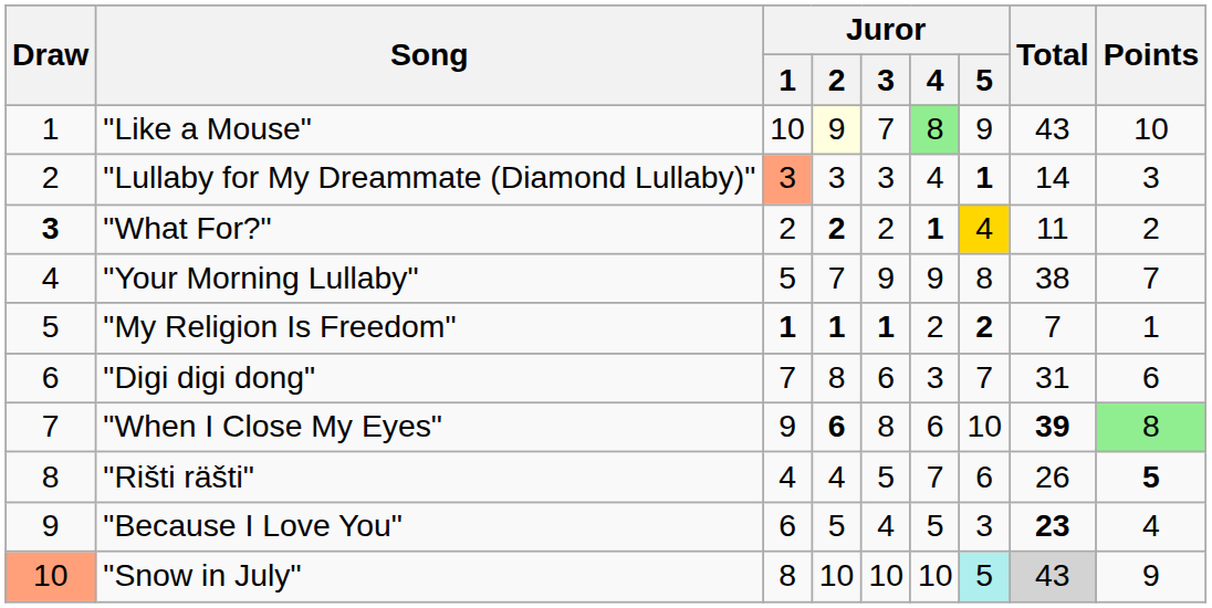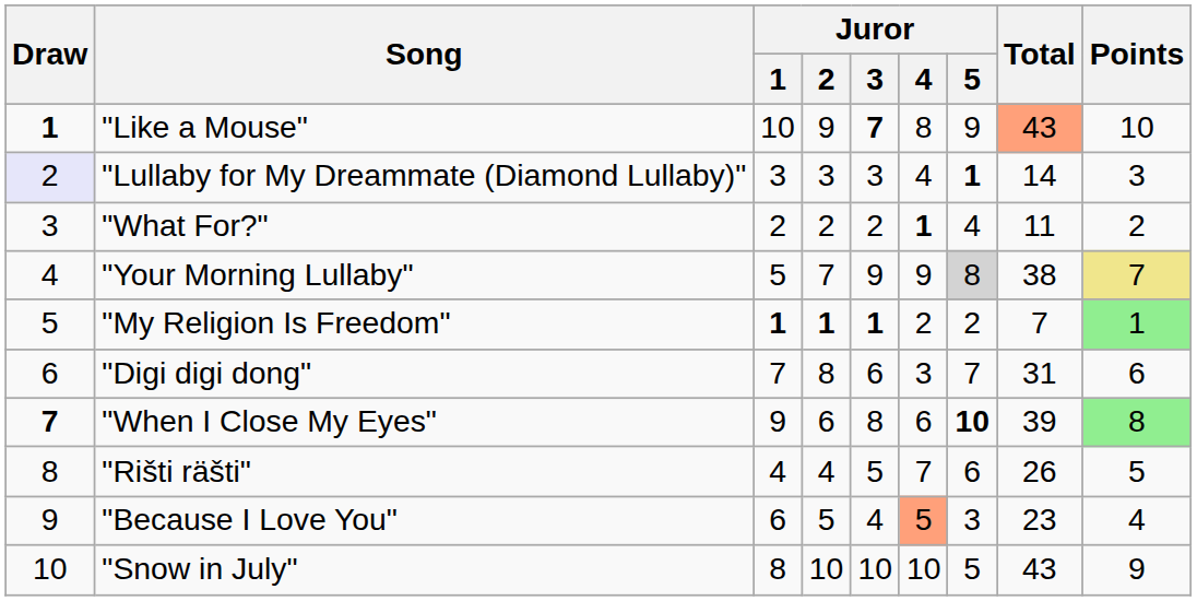 <table class="wikitable collapsible" style="margin: 1em auto 1em auto; text-align:center;">
 <tr>
 <th rowspan="2">Draw</th>
 <th rowspan="2">Song</th>
 <th colspan="5">Juror</th>
 <th rowspan="2">Total</th>
 <th rowspan="2">Points</th>
 </tr>
 <tr>
 <th>1</th>
 <th>2</th>
 <th>3</th>
 <th>4</th>
 <th>5</th>
 </tr>
 <tr>
-<td>1</td>
+<td><strong>1</strong></td>
 <td align="left">"Like a Mouse"</td>
 <td>10</td>
-<td style="background: lightyellow;">9</td>
-<td>7</td>
-<td style="background: lightgreen;">8</td>
 <td>9</td>
-<td>43</td>
+<td><strong>7</strong></td>
+<td>8</td>
+<td>9</td>
+<td style="background: lightsalmon;">43</td>
 <td>10</td>
 </tr>
 <tr>
-<td>2</td>
+<td style="background: lavender;">2</td>
 <td align="left">"Lullaby for My Dreammate (Diamond Lullaby)"</td>
-<td style="background: lightsalmon;">3</td>
+<td>3</td>
 <td>3</td>
 <td>3</td>
 <td>4</td>
 <td><strong>1</strong></td>
 <td>14</td>
 <td>3</td>
 </tr>
 <tr>
-<td><strong>3</strong></td>
+<td>3</td>
 <td align="left">"What For?"</td>
 <td>2</td>
-<td><strong>2</strong></td>
+<td>2</td>
 <td>2</td>
 <td><strong>1</strong></td>
-<td style="background: gold;">4</td>
+<td>4</td>
 <td>11</td>
 <td>2</td>
 </tr>
 <tr>
 <td>4</td>
 <td align="left">"Your Morning Lullaby"</td>
 <td>5</td>
 <td>7</td>
 <td>9</td>
 <td>9</td>
-<td>8</td>
+<td style="background: lightgrey;">8</td>
 <td>38</td>
-<td>7</td>
+<td style="background: khaki;">7</td>
 </tr>
 <tr>
 <td>5</td>
 <td align="left">"My Religion Is Freedom"</td>
 <td><strong>1</strong></td>
 <td><strong>1</strong></td>
 <td><strong>1</strong></td>
 <td>2</td>
-<td><strong>2</strong></td>
+<td>2</td>
 <td>7</td>
-<td>1</td>
+<td style="background: lightgreen;">1</td>
 </tr>
 <tr>
 <td>6</td>
 <td align="left">"Digi digi dong"</td>
 <td>7</td>
 <td>8</td>
 <td>6</td>
 <td>3</td>
 <td>7</td>
 <td>31</td>
 <td>6</td>
 </tr>
 <tr>
-<td>7</td>
+<td><strong>7</strong></td>
 <td align="left">"When I Close My Eyes"</td>
 <td>9</td>
-<td><strong>6</strong></td>
+<td>6</td>
 <td>8</td>
 <td>6</td>
-<td>10</td>
-<td><strong>39</strong></td>
+<td><strong>10</strong></td>
+<td>39</td>
 <td style="background: lightgreen;">8</td>
 </tr>
 <tr>
 <td>8</td>
 <td align="left">"Rišti räšti"</td>
 <td>4</td>
 <td>4</td>
 <td>5</td>
 <td>7</td>
 <td>6</td>
 <td>26</td>
-<td><strong>5</strong></td>
+<td>5</td>
 </tr>
 <tr>
 <td>9</td>
 <td align="left">"Because I Love You"</td>
 <td>6</td>
 <td>5</td>
 <td>4</td>
-<td>5</td>
+<td style="background: lightsalmon;">5</td>
 <td>3</td>
-<td><strong>23</strong></td>
+<td>23</td>
 <td>4</td>
 </tr>
 <tr>
-<td style="background: lightsalmon;">10</td>
+<td>10</td>
 <td align="left">"Snow in July"</td>
 <td>8</td>
 <td>10</td>
 <td>10</td>
 <td>10</td>
-<td style="background: paleturquoise;">5</td>
-<td style="background: lightgrey;">43</td>
+<td>5</td>
+<td>43</td>
 <td>9</td>
 </tr>
 </table>
